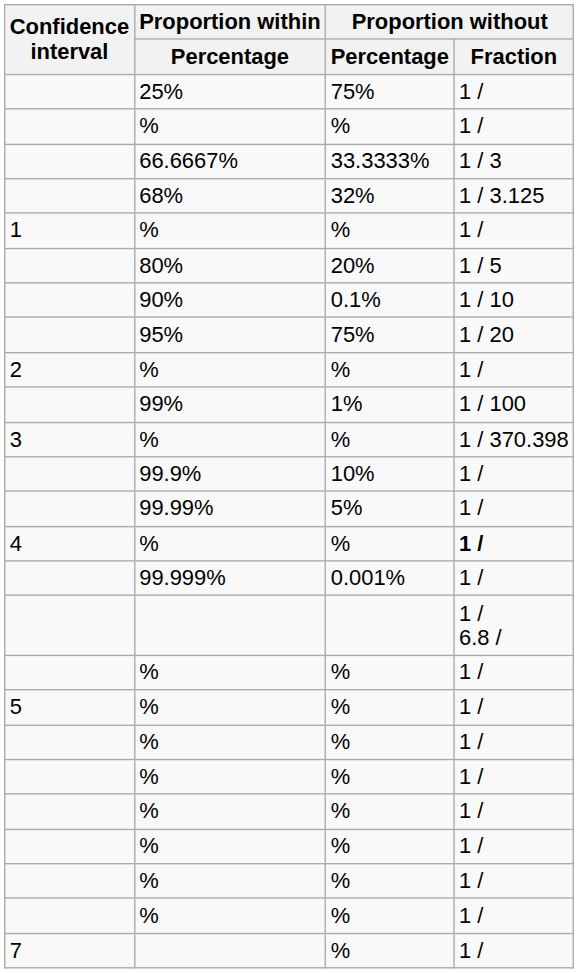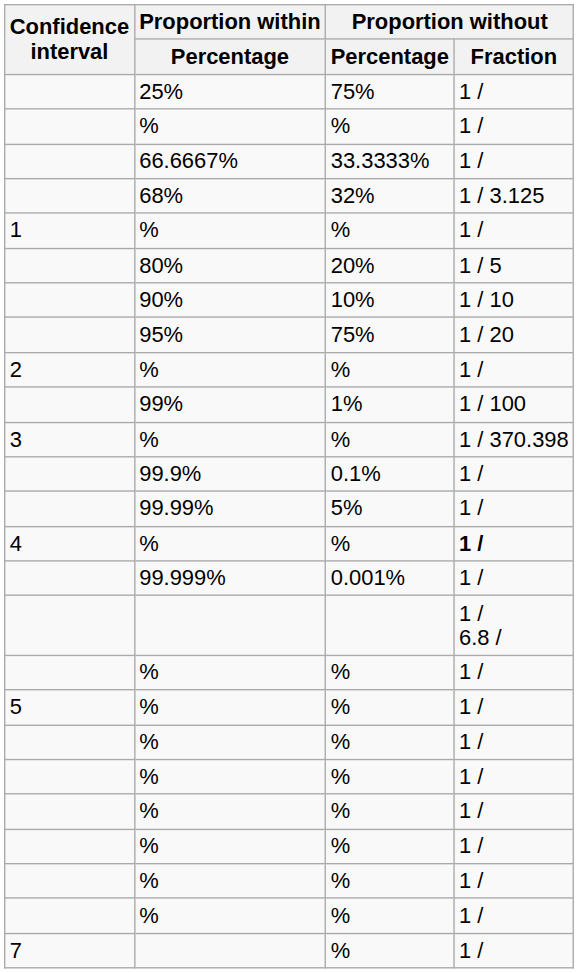 <table class="wikitable" style="font-size:">
 <tr>
 <th rowspan=2>Confidence <br>interval</th>
 <th>Proportion within</th>
 <th colspan=2>Proportion without</th>
 </tr>
 <tr>
 <th>Percentage</th>
 <th>Percentage</th>
 <th>Fraction</th>
 </tr>
 <tr>
 <td></td>
 <td>25%</td>
 <td>75%</td>
 <td>1 / </td>
 </tr>
 <tr>
 <td></td>
 <td>%</td>
 <td>%</td>
 <td>1 / </td>
 </tr>
 <tr>
 <td></td>
 <td>66.6667%</td>
 <td>33.3333%</td>
-<td>1 / 3</td>
+<td>1 / </td>
 </tr>
 <tr>
 <td></td>
 <td>68%</td>
 <td>32%</td>
 <td>1 / 3.125</td>
 </tr>
 <tr>
 <td>1</td>
 <td>%</td>
 <td>%</td>
 <td>1 / </td>
 </tr>
 <tr>
 <td></td>
 <td>80%</td>
 <td>20%</td>
 <td>1 / 5</td>
 </tr>
 <tr>
 <td></td>
 <td>90%</td>
-<td>0.1%</td>
+<td>10%</td>
 <td>1 / 10</td>
 </tr>
 <tr>
 <td></td>
 <td>95%</td>
 <td>75%</td>
 <td>1 / 20</td>
 </tr>
 <tr>
 <td>2</td>
 <td>%</td>
 <td>%</td>
 <td>1 / </td>
 </tr>
 <tr>
 <td></td>
 <td>99%</td>
 <td>1%</td>
 <td>1 / 100</td>
 </tr>
 <tr>
 <td>3</td>
 <td>%</td>
 <td>%</td>
 <td>1 / 370.398</td>
 </tr>
 <tr>
 <td></td>
 <td>99.9%</td>
-<td>10%</td>
+<td>0.1%</td>
 <td>1 / </td>
 </tr>
 <tr>
 <td></td>
 <td>99.99%</td>
 <td>5%</td>
 <td>1 / </td>
 </tr>
 <tr>
 <td>4</td>
 <td>%</td>
 <td>%</td>
 <td><strong>1 / </strong></td>
 </tr>
 <tr>
 <td></td>
 <td>99.999%</td>
 <td>0.001%</td>
 <td>1 / </td>
 </tr>
 <tr>
 <td></td>
 <td></td>
 <td></td>
 <td>1 / <br>6.8 / </td>
 </tr>
 <tr>
 <td></td>
 <td>%</td>
 <td>%</td>
 <td>1 / </td>
 </tr>
 <tr>
 <td>5</td>
 <td>%</td>
 <td>%</td>
 <td>1 / </td>
 </tr>
 <tr>
 <td></td>
 <td>%</td>
 <td>%</td>
 <td>1 / </td>
 </tr>
 <tr>
 <td></td>
 <td>%</td>
 <td>%</td>
 <td>1 / </td>
 </tr>
 <tr>
 <td><a href='#'></a></td>
 <td>%</td>
 <td>%</td>
 <td>1 / </td>
 </tr>
 <tr>
 <td></td>
 <td>%</td>
 <td>%</td>
 <td>1 / </td>
 </tr>
 <tr>
 <td></td>
 <td>%</td>
 <td>%</td>
 <td>1 / </td>
 </tr>
 <tr>
 <td></td>
 <td>%</td>
 <td>%</td>
 <td>1 / </td>
 </tr>
 <tr>
 <td>7</td>
 <td></td>
 <td>%</td>
 <td>1 / </td>
 </tr>
 </table>
